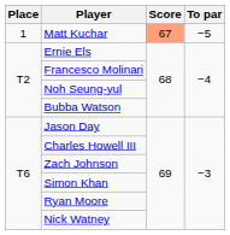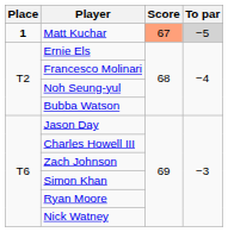 <table class="wikitable">
 <tr>
 <th>Place</th>
 <th>Player</th>
 <th>Score</th>
 <th>To par</th>
 </tr>
 <tr>
-<td align="center">1</td>
+<td align="center"><strong>1</strong></td>
 <td> <a href='#'>Matt Kuchar</a></td>
 <td align="center" style="background: lightsalmon;">67</td>
-<td align="center">−5</td>
+<td align="center" style="background: lightgrey;">−5</td>
 </tr>
 <tr>
 <td rowspan="4" align="center">T2</td>
 <td> <a href='#'>Ernie Els</a></td>
 <td rowspan="4" align="center">68</td>
 <td rowspan="4" align="center">−4</td>
 </tr>
 <tr>
 <td> <a href='#'>Francesco Molinari</a></td>
 </tr>
 <tr>
 <td> <a href='#'>Noh Seung-yul</a></td>
 </tr>
 <tr>
 <td> <a href='#'>Bubba Watson</a></td>
 </tr>
 <tr>
 <td rowspan="6" align="center">T6</td>
 <td> <a href='#'>Jason Day</a></td>
 <td rowspan="6" align="center">69</td>
 <td rowspan="6" align="center">−3</td>
 </tr>
 <tr>
 <td> <a href='#'>Charles Howell III</a></td>
 </tr>
 <tr>
 <td> <a href='#'>Zach Johnson</a></td>
 </tr>
 <tr>
 <td> <a href='#'>Simon Khan</a></td>
 </tr>
 <tr>
 <td> <a href='#'>Ryan Moore</a></td>
 </tr>
 <tr>
 <td> <a href='#'>Nick Watney</a></td>
 </tr>
 </table>
